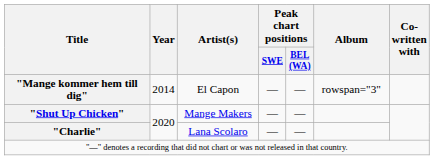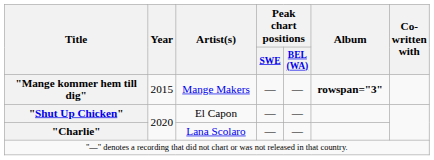 <table class="wikitable plainrowheaders" style="text-align:center;">
 <tr>
 <th scope="col" rowspan="2" style="width:18em;">Title</th>
 <th scope="col" rowspan="2" style="width:1em;">Year</th>
 <th scope="col" rowspan="2" style="width:9em;">Artist(s)</th>
 <th scope="col" colspan="2">Peak chart positions</th>
 <th scope="col" rowspan="2" style="width:7em;">Album</th>
 <th scope="col" rowspan="2">Co-written with</th>
 </tr>
 <tr>
 <th style="width:2.5em; font-size:85%"><a href='#'>SWE</a><br></th>
 <th style="width:2.5em; font-size:85%"><a href='#'>BEL<br>(WA)</a><br></th>
 </tr>
 <tr>
 <th scope="row">"Mange kommer hem till dig"</th>
-<td>2014</td>
-<td>El Capon</td>
+<td>2015</td>
+<td><a href='#'>Mange Makers</a></td>
 <td>—</td>
 <td>—</td>
-<td>rowspan="3" </td>
+<td><strong>rowspan="3" </strong></td>
 <td align="left"></td>
 </tr>
 <tr>
 <th scope="row">"<a href='#'>Shut Up Chicken</a>"</th>
 <td rowspan="2">2020</td>
-<td><a href='#'>Mange Makers</a></td>
+<td>El Capon</td>
 <td>—</td>
 <td>—</td>
 <td align="left"></td>
 </tr>
 <tr>
 <th scope="row">"Charlie"</th>
 <td><a href='#'>Lana Scolaro</a></td>
 <td>—</td>
 <td>—</td>
 <td align="left"></td>
 </tr>
 <tr>
 <td colspan="8" style="font-size:9pt">"—" denotes a recording that did not chart or was not released in that country.</td>
 </tr>
 </table>
